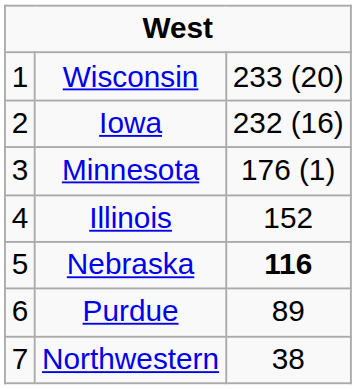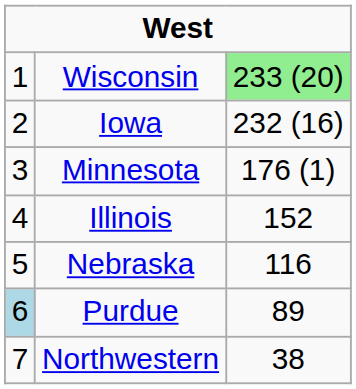 <table class="wikitable" style="display: inline-table;">
 <tr align="center">
 <td align="center" Colspan="3"><strong>West</strong><br></td>
 </tr>
 <tr align="center">
 <td>1</td>
 <td><a href='#'>Wisconsin</a></td>
-<td>233 (20)</td>
+<td style="background: lightgreen;">233 (20)</td>
 </tr>
 <tr align="center">
 <td>2</td>
 <td><a href='#'>Iowa</a></td>
 <td>232 (16)</td>
 </tr>
 <tr align="center">
 <td>3</td>
 <td><a href='#'>Minnesota</a></td>
 <td>176 (1)</td>
 </tr>
 <tr align="center">
 <td>4</td>
 <td><a href='#'>Illinois</a></td>
 <td>152</td>
 </tr>
 <tr align="center">
 <td>5</td>
 <td><a href='#'>Nebraska</a></td>
-<td><strong>116</strong></td>
+<td>116</td>
 </tr>
 <tr align="center">
-<td>6</td>
+<td style="background: lightblue;">6</td>
 <td><a href='#'>Purdue</a></td>
 <td>89</td>
 </tr>
 <tr align="center">
 <td>7</td>
 <td><a href='#'>Northwestern</a></td>
 <td>38</td>
 </tr>
 </table>
